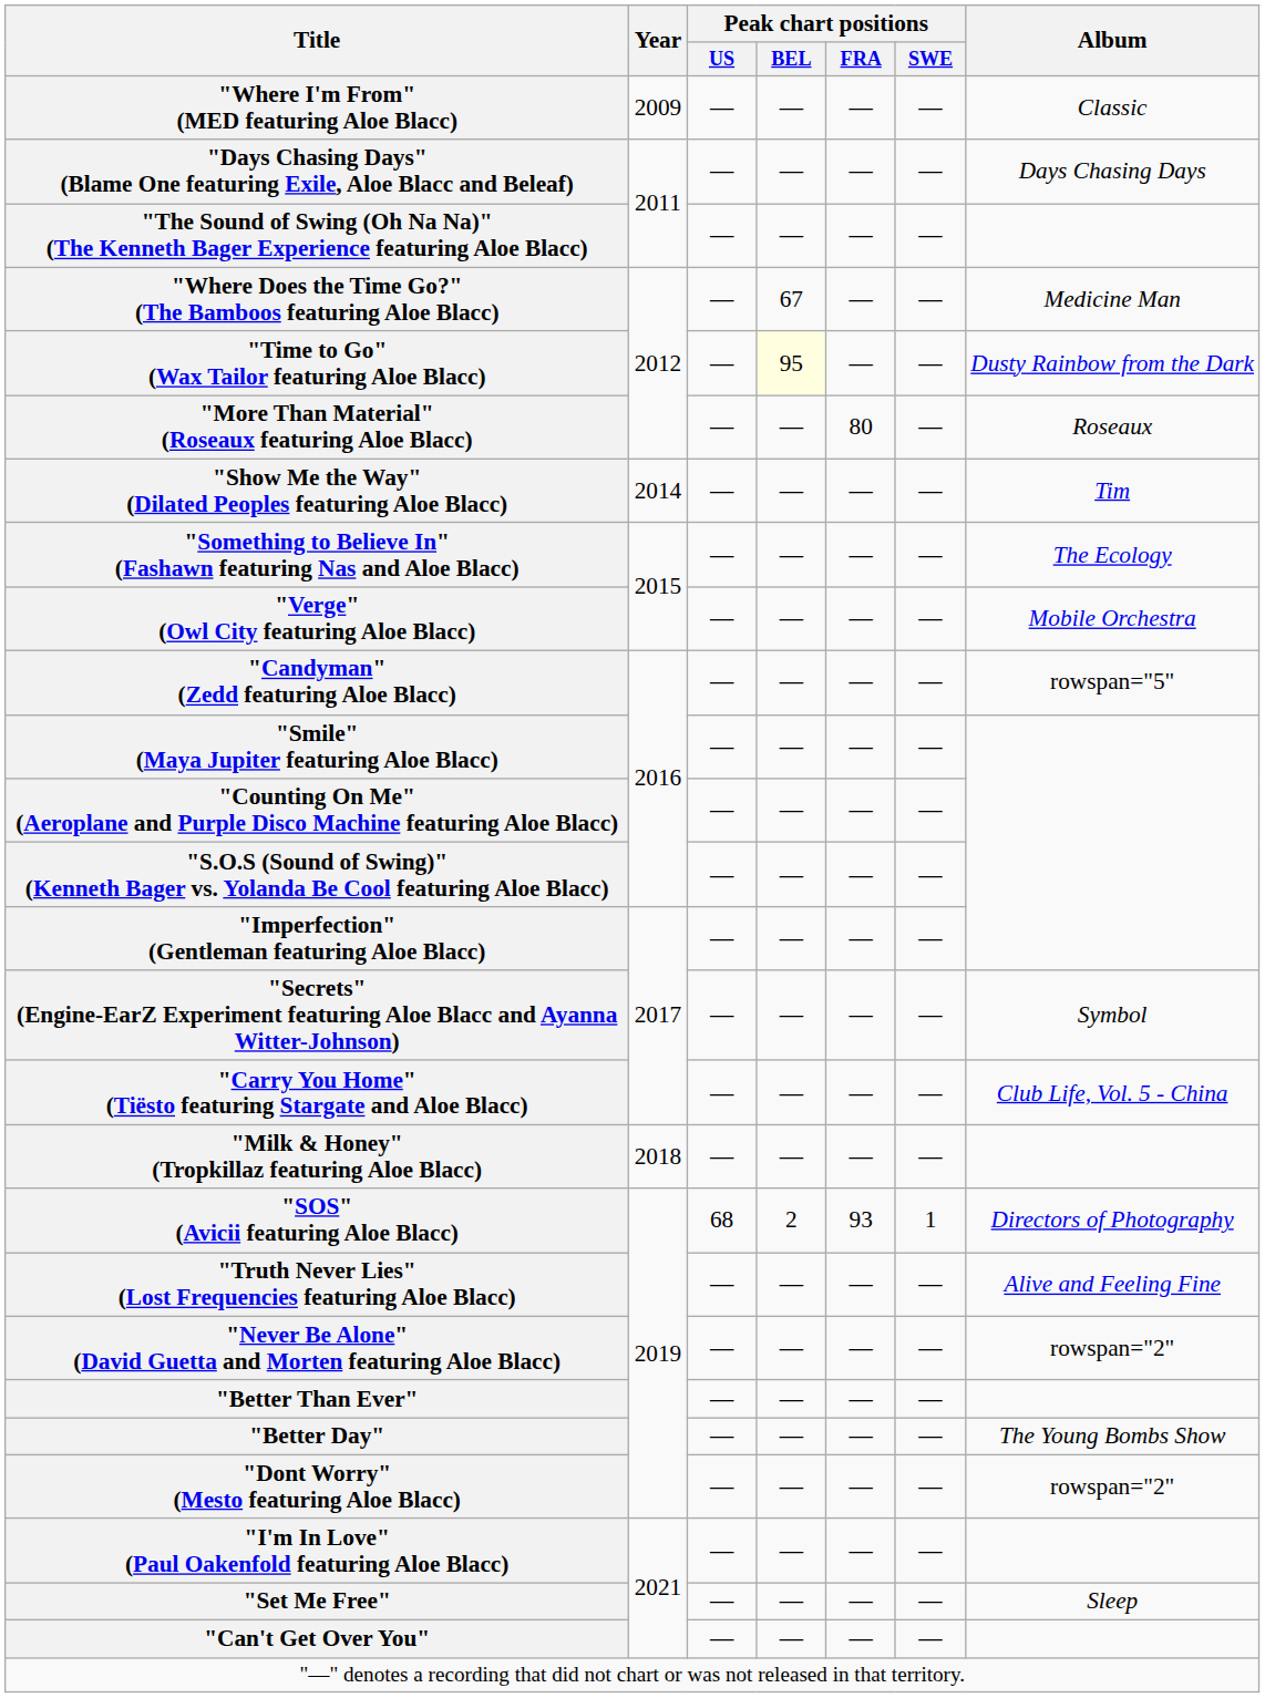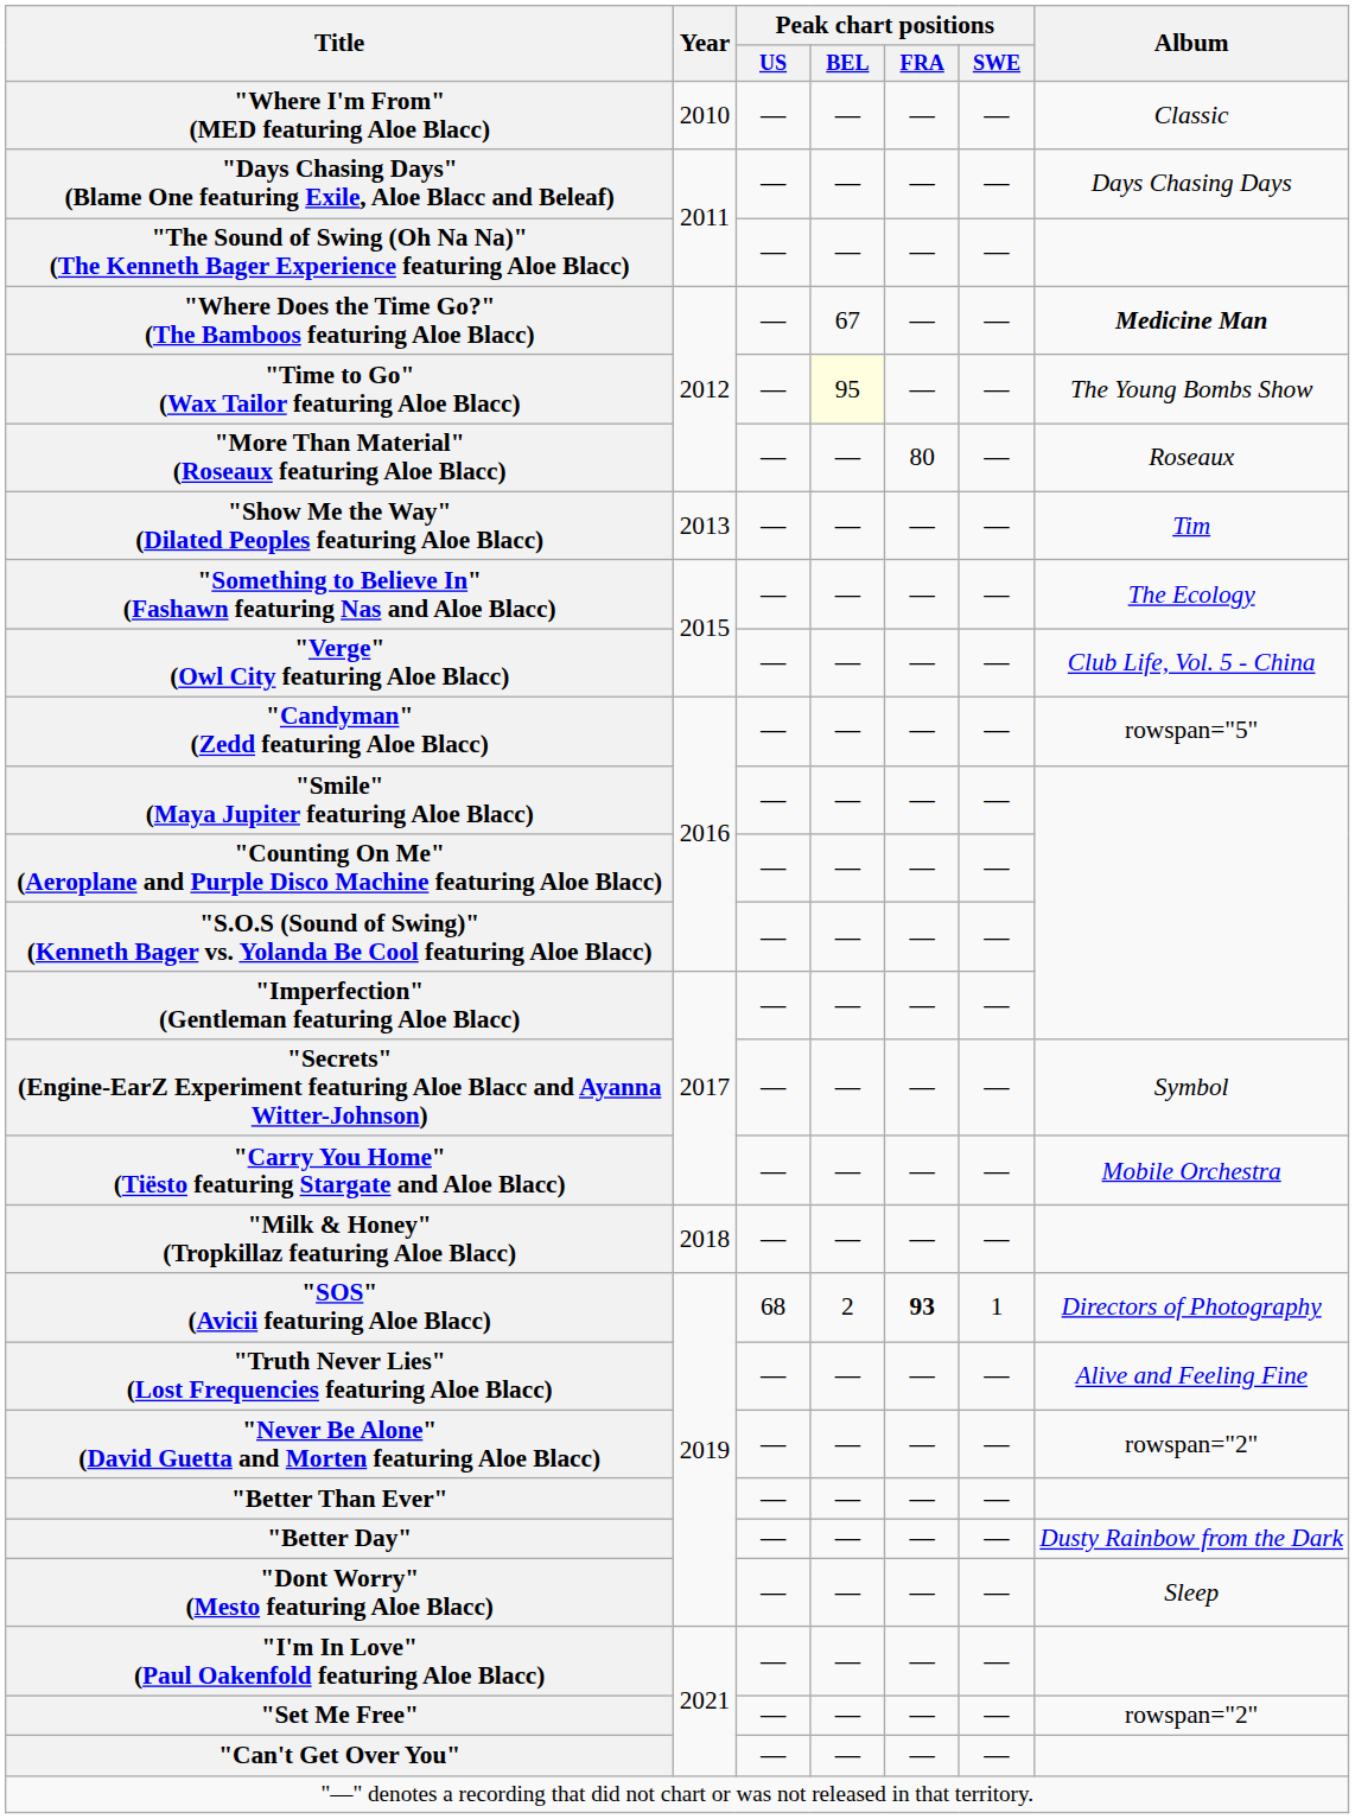 <table class="wikitable plainrowheaders" style="text-align:center;">
 <tr>
 <th scope="col" rowspan="2" style="width:26em;">Title</th>
 <th scope="col" rowspan="2" style="width:1em;">Year</th>
 <th scope="col" colspan="4">Peak chart positions</th>
 <th scope="col" rowspan="2">Album</th>
 </tr>
 <tr>
 <th scope="col" style="width:3em;font-size:85%;"><a href='#'>US</a><br></th>
 <th scope="col" style="width:3em;font-size:85%;"><a href='#'>BEL</a><br></th>
 <th scope="col" style="width:3em;font-size:85%;"><a href='#'>FRA</a><br></th>
 <th scope="col" style="width:3em;font-size:85%;"><a href='#'>SWE</a><br></th>
 </tr>
 <tr>
 <th scope="row">"Where I'm From"<br><span>(MED featuring Aloe Blacc)</span></th>
-<td>2009</td>
+<td>2010</td>
 <td>—</td>
 <td>—</td>
 <td>—</td>
 <td>—</td>
 <td><em>Classic</em></td>
 </tr>
 <tr>
 <th scope="row">"Days Chasing Days"<br><span>(Blame One featuring <a href='#'>Exile</a>, Aloe Blacc and Beleaf)</span></th>
 <td rowspan="2">2011</td>
 <td>—</td>
 <td>—</td>
 <td>—</td>
 <td>—</td>
 <td><em>Days Chasing Days</em></td>
 </tr>
 <tr>
 <th scope="row">"The Sound of Swing (Oh Na Na)"<br><span>(<a href='#'>The Kenneth Bager Experience</a> featuring Aloe Blacc)</span></th>
 <td>—</td>
 <td>—</td>
 <td>—</td>
 <td>—</td>
 <td></td>
 </tr>
 <tr>
 <th scope="row">"Where Does the Time Go?"<br><span>(<a href='#'>The Bamboos</a> featuring Aloe Blacc)</span></th>
 <td rowspan="3">2012</td>
 <td>—</td>
 <td>67</td>
 <td>—</td>
 <td>—</td>
-<td><em>Medicine Man</em></td>
+<td><strong><em>Medicine Man</em></strong></td>
 </tr>
 <tr>
 <th scope="row">"Time to Go"<br><span>(<a href='#'>Wax Tailor</a> featuring Aloe Blacc)</span></th>
 <td>—</td>
 <td style="background: lightyellow;">95</td>
 <td>—</td>
 <td>—</td>
-<td><em><a href='#'>Dusty Rainbow from the Dark</a></em></td>
+<td><em>The Young Bombs Show</em></td>
 </tr>
 <tr>
 <th scope="row">"More Than Material"<br><span>(<a href='#'>Roseaux</a> featuring Aloe Blacc)</span></th>
 <td>—</td>
 <td>—</td>
 <td>80</td>
 <td>—</td>
 <td><em>Roseaux</em></td>
 </tr>
 <tr>
 <th scope="row">"Show Me the Way"<br><span>(<a href='#'>Dilated Peoples</a> featuring Aloe Blacc)</span></th>
-<td>2014</td>
+<td>2013</td>
 <td>—</td>
 <td>—</td>
 <td>—</td>
 <td>—</td>
 <td><em><a href='#'>Tim</a></em></td>
 </tr>
 <tr>
 <th scope="row">"<a href='#'>Something to Believe In</a>"<br><span>(<a href='#'>Fashawn</a> featuring <a href='#'>Nas</a> and Aloe Blacc)</span></th>
 <td rowspan="2">2015</td>
 <td>—</td>
 <td>—</td>
 <td>—</td>
 <td>—</td>
 <td><em><a href='#'>The Ecology</a></em></td>
 </tr>
 <tr>
 <th scope="row">"<a href='#'>Verge</a>"<br><span>(<a href='#'>Owl City</a> featuring Aloe Blacc)</span></th>
 <td>—</td>
 <td>—</td>
 <td>—</td>
 <td>—</td>
-<td><em><a href='#'>Mobile Orchestra</a></em></td>
+<td><em><a href='#'>Club Life, Vol. 5 - China</a></em></td>
 </tr>
 <tr>
 <th scope="row">"<a href='#'>Candyman</a>"<br><span>(<a href='#'>Zedd</a> featuring Aloe Blacc)</span></th>
 <td rowspan="4">2016</td>
 <td>—</td>
 <td>—</td>
 <td>—</td>
 <td>—</td>
 <td>rowspan="5" </td>
 </tr>
 <tr>
 <th scope="row">"Smile"<br><span>(<a href='#'>Maya Jupiter</a> featuring Aloe Blacc)</span></th>
 <td>—</td>
 <td>—</td>
 <td>—</td>
 <td>—</td>
 </tr>
 <tr>
 <th scope="row">"Counting On Me"<br><span>(<a href='#'>Aeroplane</a> and <a href='#'>Purple Disco Machine</a> featuring Aloe Blacc)</span></th>
 <td>—</td>
 <td>—</td>
 <td>—</td>
 <td>—</td>
 </tr>
 <tr>
 <th scope="row">"S.O.S (Sound of Swing)"<br><span>(<a href='#'>Kenneth Bager</a> vs. <a href='#'>Yolanda Be Cool</a> featuring Aloe Blacc)</span></th>
 <td>—</td>
 <td>—</td>
 <td>—</td>
 <td>—</td>
 </tr>
 <tr>
 <th scope="row">"Imperfection"<br><span>(Gentleman featuring Aloe Blacc)</span></th>
 <td rowspan="3">2017</td>
 <td>—</td>
 <td>—</td>
 <td>—</td>
 <td>—</td>
 </tr>
 <tr>
 <th scope="row">"Secrets"<br><span>(Engine-EarZ Experiment featuring Aloe Blacc and <a href='#'>Ayanna Witter-Johnson</a>)</span></th>
 <td>—</td>
 <td>—</td>
 <td>—</td>
 <td>—</td>
 <td><em>Symbol</em></td>
 </tr>
 <tr>
 <th scope="row">"<a href='#'>Carry You Home</a>"<br><span>(<a href='#'>Tiësto</a> featuring <a href='#'>Stargate</a> and Aloe Blacc)</span></th>
 <td>—</td>
 <td>—</td>
 <td>—</td>
 <td>—</td>
-<td><em><a href='#'>Club Life, Vol. 5 - China</a></em></td>
+<td><em><a href='#'>Mobile Orchestra</a></em></td>
 </tr>
 <tr>
 <th scope="row">"Milk & Honey"<br><span>(Tropkillaz featuring Aloe Blacc)</span></th>
 <td>2018</td>
 <td>—</td>
 <td>—</td>
 <td>—</td>
 <td>—</td>
 <td></td>
 </tr>
 <tr>
 <th scope="row">"<a href='#'>SOS</a>"<br><span>(<a href='#'>Avicii</a> featuring Aloe Blacc)</span></th>
 <td rowspan="6">2019</td>
 <td>68</td>
 <td>2</td>
-<td>93<br></td>
+<td><strong>93<br></strong></td>
 <td>1</td>
 <td><em><a href='#'>Directors of Photography</a></em></td>
 </tr>
 <tr>
 <th scope="row">"Truth Never Lies"<br><span>(<a href='#'>Lost Frequencies</a> featuring Aloe Blacc)</span></th>
 <td>—</td>
 <td>—</td>
 <td>—</td>
 <td>—</td>
 <td><em><a href='#'>Alive and Feeling Fine</a></em></td>
 </tr>
 <tr>
 <th scope="row">"<a href='#'>Never Be Alone</a>" <br><span>(<a href='#'>David Guetta</a> and <a href='#'>Morten</a> featuring Aloe Blacc)</span></th>
 <td>—</td>
 <td>—</td>
 <td>—</td>
 <td>—</td>
 <td>rowspan="2" </td>
 </tr>
 <tr>
 <th scope="row">"Better Than Ever" <br></th>
 <td>—</td>
 <td>—</td>
 <td>—</td>
 <td>—</td>
 </tr>
 <tr>
 <th scope="row">"Better Day"<br></th>
 <td>—</td>
 <td>—</td>
 <td>—</td>
 <td>—</td>
-<td><em>The Young Bombs Show</em></td>
+<td><em><a href='#'>Dusty Rainbow from the Dark</a></em></td>
 </tr>
 <tr>
 <th scope="row">"Dont Worry"<br><span>(<a href='#'>Mesto</a> featuring Aloe Blacc)</span></th>
 <td>—</td>
 <td>—</td>
 <td>—</td>
 <td>—</td>
-<td>rowspan="2" </td>
+<td><em>Sleep</em></td>
 </tr>
 <tr>
 <th scope="row">"I'm In Love" <br><span>(<a href='#'>Paul Oakenfold</a> featuring Aloe Blacc)</span></th>
 <td rowspan="3">2021</td>
 <td>—</td>
 <td>—</td>
 <td>—</td>
 <td>—</td>
 </tr>
 <tr>
 <th scope="row">"Set Me Free"<br></th>
 <td>—</td>
 <td>—</td>
 <td>—</td>
 <td>—</td>
-<td><em>Sleep</em></td>
+<td>rowspan="2" </td>
 </tr>
 <tr>
 <th scope="row">"Can't Get Over You" <br></th>
 <td>—</td>
 <td>—</td>
 <td>—</td>
 <td>—</td>
 <td></td>
 </tr>
 <tr>
 <td colspan="8" style="font-size:90%">"—" denotes a recording that did not chart or was not released in that territory.</td>
 </tr>
 </table>
